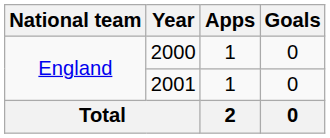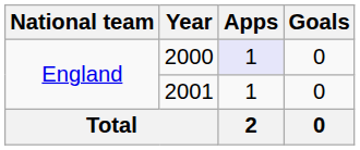 <table class="wikitable" style="text-align:center">
 <tr>
 <th>National team</th>
 <th>Year</th>
 <th>Apps</th>
 <th>Goals</th>
 </tr>
 <tr>
 <td rowspan="2"><a href='#'>England</a></td>
 <td>2000</td>
-<td>1</td>
+<td style="background: lavender;">1</td>
 <td>0</td>
 </tr>
 <tr>
 <td>2001</td>
 <td>1</td>
 <td>0</td>
 </tr>
 <tr>
 <th colspan="2">Total</th>
 <th>2</th>
 <th>0</th>
 </tr>
 </table>
